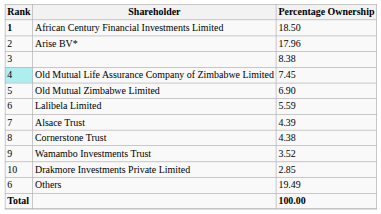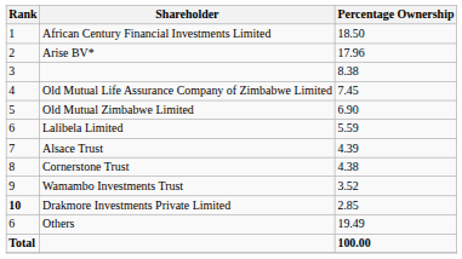 <table class="wikitable sortable" style="margin-left:auto;margin-right:auto">
 <tr>
 <th style="width:2em;">Rank</th>
 <th>Shareholder</th>
 <th>Percentage Ownership</th>
 </tr>
 <tr>
-<td><strong>1</strong></td>
+<td>1</td>
 <td>African Century Financial Investments Limited</td>
 <td>18.50</td>
 </tr>
 <tr>
 <td>2</td>
 <td>Arise BV*</td>
 <td>17.96</td>
 </tr>
 <tr>
 <td>3</td>
 <td></td>
 <td>8.38</td>
 </tr>
 <tr>
-<td style="background: paleturquoise;">4</td>
+<td>4</td>
 <td>Old Mutual Life Assurance Company of Zimbabwe Limited</td>
 <td>7.45</td>
 </tr>
 <tr>
 <td>5</td>
 <td>Old Mutual Zimbabwe Limited</td>
 <td>6.90</td>
 </tr>
 <tr>
 <td>6</td>
 <td>Lalibela Limited</td>
 <td>5.59</td>
 </tr>
 <tr>
 <td>7</td>
 <td>Alsace Trust</td>
 <td>4.39</td>
 </tr>
 <tr>
 <td>8</td>
 <td>Cornerstone Trust</td>
 <td>4.38</td>
 </tr>
 <tr>
 <td>9</td>
 <td>Wamambo Investments Trust</td>
 <td>3.52</td>
 </tr>
 <tr>
-<td>10</td>
+<td><strong>10</strong></td>
 <td>Drakmore Investments Private Limited</td>
 <td>2.85</td>
 </tr>
 <tr>
 <td>6</td>
 <td>Others</td>
 <td>19.49</td>
 </tr>
 <tr>
 <td><strong>Total</strong></td>
 <td></td>
 <td><strong>100.00</strong></td>
 </tr>
 <tr>
 </tr>
 </table>
